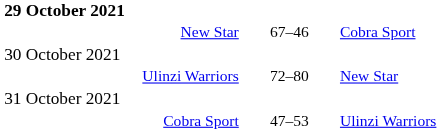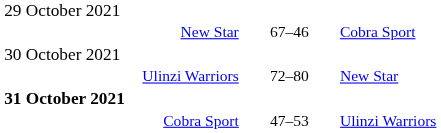 <table style="width:100%;" cellspacing="1">
 <tr>
 <th width=25%></th>
 <th width=2%></th>
 <th width=6%></th>
 <th width=2%></th>
 <th width=25%></th>
 </tr>
 <tr>
-<td><strong>29 October 2021</strong></td>
+<td>29 October 2021</td>
 </tr>
 <tr style=font-size:90%>
 <td align=right><a href='#'>New Star</a> </td>
 <td></td>
 <td align=center>67–46</td>
 <td></td>
 <td> <a href='#'>Cobra Sport</a></td>
 <td></td>
 </tr>
 <tr>
 <td>30 October 2021</td>
 </tr>
 <tr style=font-size:90%>
 <td align=right><a href='#'>Ulinzi Warriors</a> </td>
 <td></td>
 <td align=center>72–80</td>
 <td></td>
 <td> <a href='#'>New Star</a></td>
 <td></td>
 </tr>
 <tr>
-<td>31 October 2021</td>
+<td><strong>31 October 2021</strong></td>
 </tr>
 <tr style=font-size:90%>
 <td align=right><a href='#'>Cobra Sport</a> </td>
 <td></td>
 <td align=center>47–53</td>
 <td></td>
 <td> <a href='#'>Ulinzi Warriors</a></td>
 <td></td>
 </tr>
 <tr>
 </tr>
 </table>
